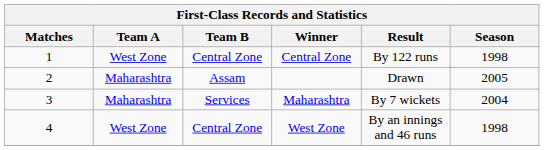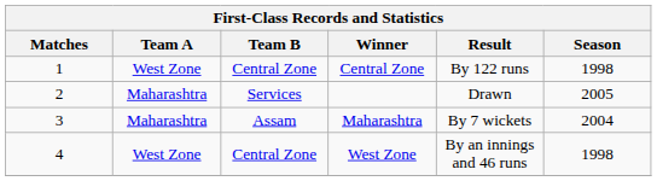 <table class="wikitable plainrowheaders sortable" style="font-size:100%">
 <tr>
 <th colspan="7" rowspan="1">First-Class Records and Statistics</th>
 </tr>
 <tr>
 <th scope="col" style="width:100px">Matches</th>
 <th scope="col" style="width:100px">Team A</th>
 <th scope="col" style="width:100px">Team B</th>
 <th scope="col" style="width:100px">Winner</th>
 <th scope="col" style="width:100px">Result</th>
 <th scope="col" style="width:100px">Season</th>
 </tr>
 <tr>
 <td align="center">1</td>
 <td align="center"><a href='#'>West Zone</a></td>
 <td align="center"><a href='#'>Central Zone</a></td>
 <td align="center"><a href='#'>Central Zone</a></td>
 <td align="center">By 122 runs</td>
 <td align="center">1998</td>
 </tr>
 <tr>
 <td align="center">2</td>
 <td align="center"><a href='#'>Maharashtra</a></td>
-<td align="center"><a href='#'>Assam</a></td>
+<td align="center"><a href='#'>Services</a></td>
 <td align="center"></td>
 <td align="center">Drawn</td>
 <td align="center">2005</td>
 </tr>
 <tr>
 <td align="center">3</td>
 <td align="center"><a href='#'>Maharashtra</a></td>
-<td align="center"><a href='#'>Services</a></td>
+<td align="center"><a href='#'>Assam</a></td>
 <td align="center"><a href='#'>Maharashtra</a></td>
 <td align="center">By 7 wickets</td>
 <td align="center">2004</td>
 </tr>
 <tr>
 <td align="center">4</td>
 <td align="center"><a href='#'>West Zone</a></td>
 <td align="center"><a href='#'>Central Zone</a></td>
 <td align="center"><a href='#'>West Zone</a></td>
 <td align="center">By an innings and 46 runs</td>
 <td align="center">1998</td>
 </tr>
 <tr>
 </tr>
 </table>
